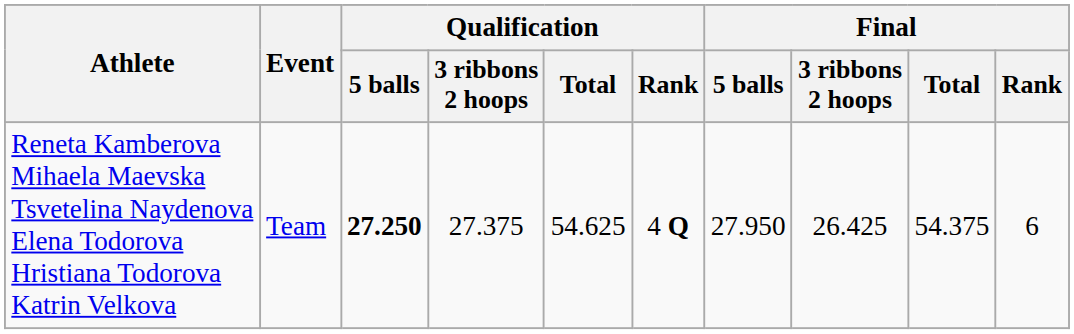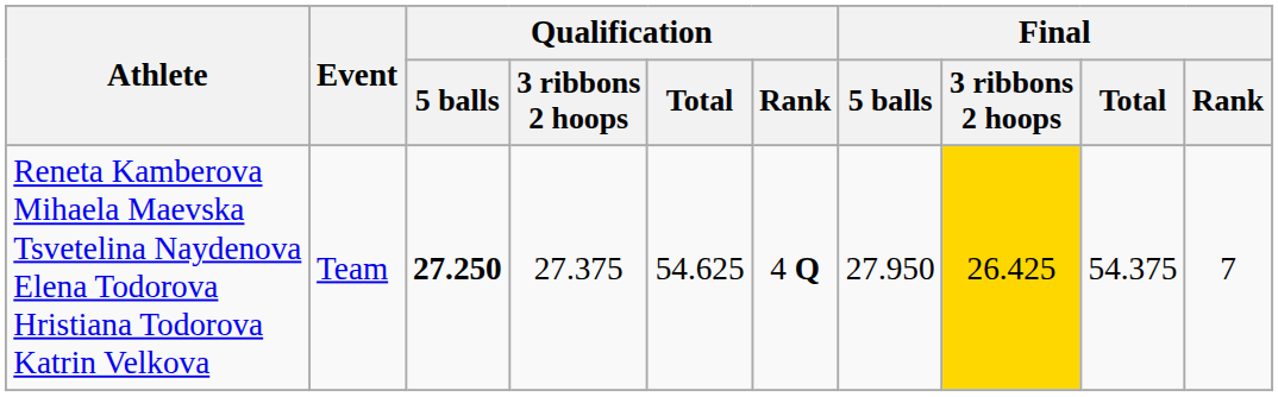 <table class="wikitable" style="font-size:90%">
 <tr>
 <th rowspan="2">Athlete</th>
 <th rowspan="2">Event</th>
 <th colspan="4">Qualification</th>
 <th colspan="4">Final</th>
 </tr>
 <tr style="font-size:95%">
 <th>5 balls</th>
 <th>3 ribbons <br>2 hoops</th>
 <th>Total</th>
 <th>Rank</th>
 <th>5 balls</th>
 <th>3 ribbons <br>2 hoops</th>
 <th>Total</th>
 <th>Rank</th>
 </tr>
 <tr align=center>
 <td align=left><a href='#'>Reneta Kamberova</a><br><a href='#'>Mihaela Maevska</a><br><a href='#'>Tsvetelina Naydenova</a><br><a href='#'>Elena Todorova</a><br><a href='#'>Hristiana Todorova</a><br><a href='#'>Katrin Velkova</a></td>
 <td align=left><a href='#'>Team</a></td>
 <td><strong>27.250</strong></td>
 <td>27.375</td>
 <td>54.625</td>
 <td>4 <strong>Q</strong></td>
 <td>27.950</td>
-<td>26.425</td>
+<td style="background: gold;">26.425</td>
 <td>54.375</td>
-<td>6</td>
+<td>7</td>
 </tr>
 </table>
